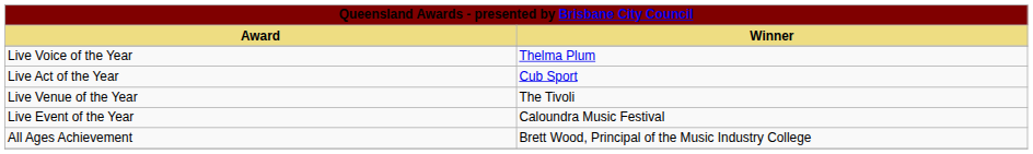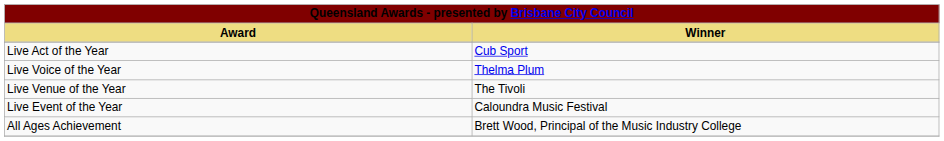 <table class="wikitable" width=100%>
 <tr>
 <th colspan="2" ! style="width:15%;background:maroon">Queensland Awards - presented by <a href='#'>Brisbane City Council</a></th>
 </tr>
 <tr>
 <th style="width:10%;background:#EEDD82;">Award</th>
 <th style="width:10%;background:#EEDD82;">Winner</th>
 </tr>
 <tr>
 </tr>
 <tr>
+<td>Live Act of the Year</td>
+<td><a href='#'>Cub Sport</a></td>
+</tr>
+<tr>
 <td>Live Voice of the Year</td>
 <td><a href='#'>Thelma Plum</a></td>
-</tr>
-<tr>
-<td>Live Act of the Year</td>
-<td><a href='#'>Cub Sport</a></td>
 </tr>
 <tr>
 <td>Live Venue of the Year</td>
 <td>The Tivoli</td>
 </tr>
 <tr>
 <td>Live Event of the Year</td>
 <td>Caloundra Music Festival</td>
 </tr>
 <tr>
 <td>All Ages Achievement</td>
 <td>Brett Wood, Principal of the Music Industry College</td>
 </tr>
 <tr>
 </tr>
 </table>
